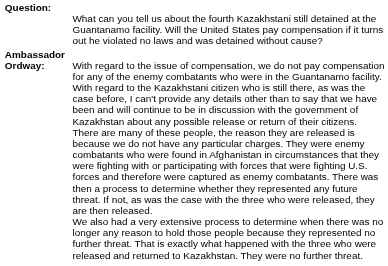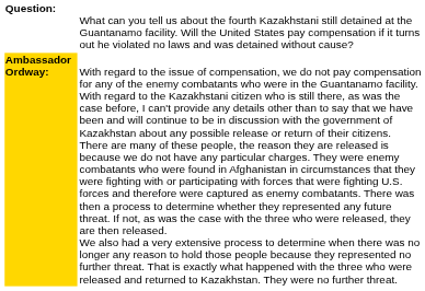 <table>
 <tr>
 <td valign="top"><strong>Question:</strong></td>
 <td><br>What can you tell us about the fourth Kazakhstani still detained at the Guantanamo facility.  Will the United States pay compensation if it turns out he violated no laws and was detained without cause?</td>
 </tr>
 <tr>
-<td valign="top"><strong>Ambassador Ordway:</strong></td>
+<td valign="top" style="background: gold;"><strong>Ambassador Ordway:</strong></td>
 <td><br>With regard to the issue of compensation, we do not pay compensation for any of the enemy combatants who were in the Guantanamo facility.<br>With regard to the Kazakhstani citizen who is still there, as was the case before, I can't provide any details other than to say that we have been and will continue to be in discussion with the government of Kazakhstan about any possible release or return of their citizens.<br>There are many of these people, the reason they are released is because we do not have any particular charges.  They were enemy combatants who were found in Afghanistan in circumstances that they were fighting with or participating with forces that were fighting U.S. forces and therefore were captured as enemy combatants.  There was then a process to determine whether they represented any future threat.  If not, as was the case with the three who were released, they are then released.<br>We also had a very extensive process to determine when there was no longer any reason to hold those people because they represented no further threat.  That is exactly what happened with the three who were released and returned to Kazakhstan.  They were no further threat.</td>
 </tr>
 </table>
